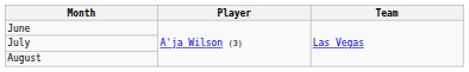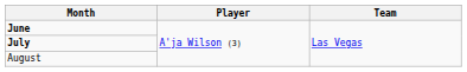 <table class="wikitable" style="width: 50%">
 <tr>
 <th width=60>Month</th>
 <th width=60>Player</th>
 <th width=60>Team</th>
 </tr>
 <tr>
-<td>June</td>
+<td><strong>June</strong></td>
 <td rowspan="3"><a href='#'>A'ja Wilson</a> <small>(3)</small></td>
 <td rowspan="3"><a href='#'>Las Vegas</a></td>
 </tr>
 <tr>
-<td>July</td>
+<td><strong>July</strong></td>
 </tr>
 <tr>
 <td>August</td>
 </tr>
 </table>
